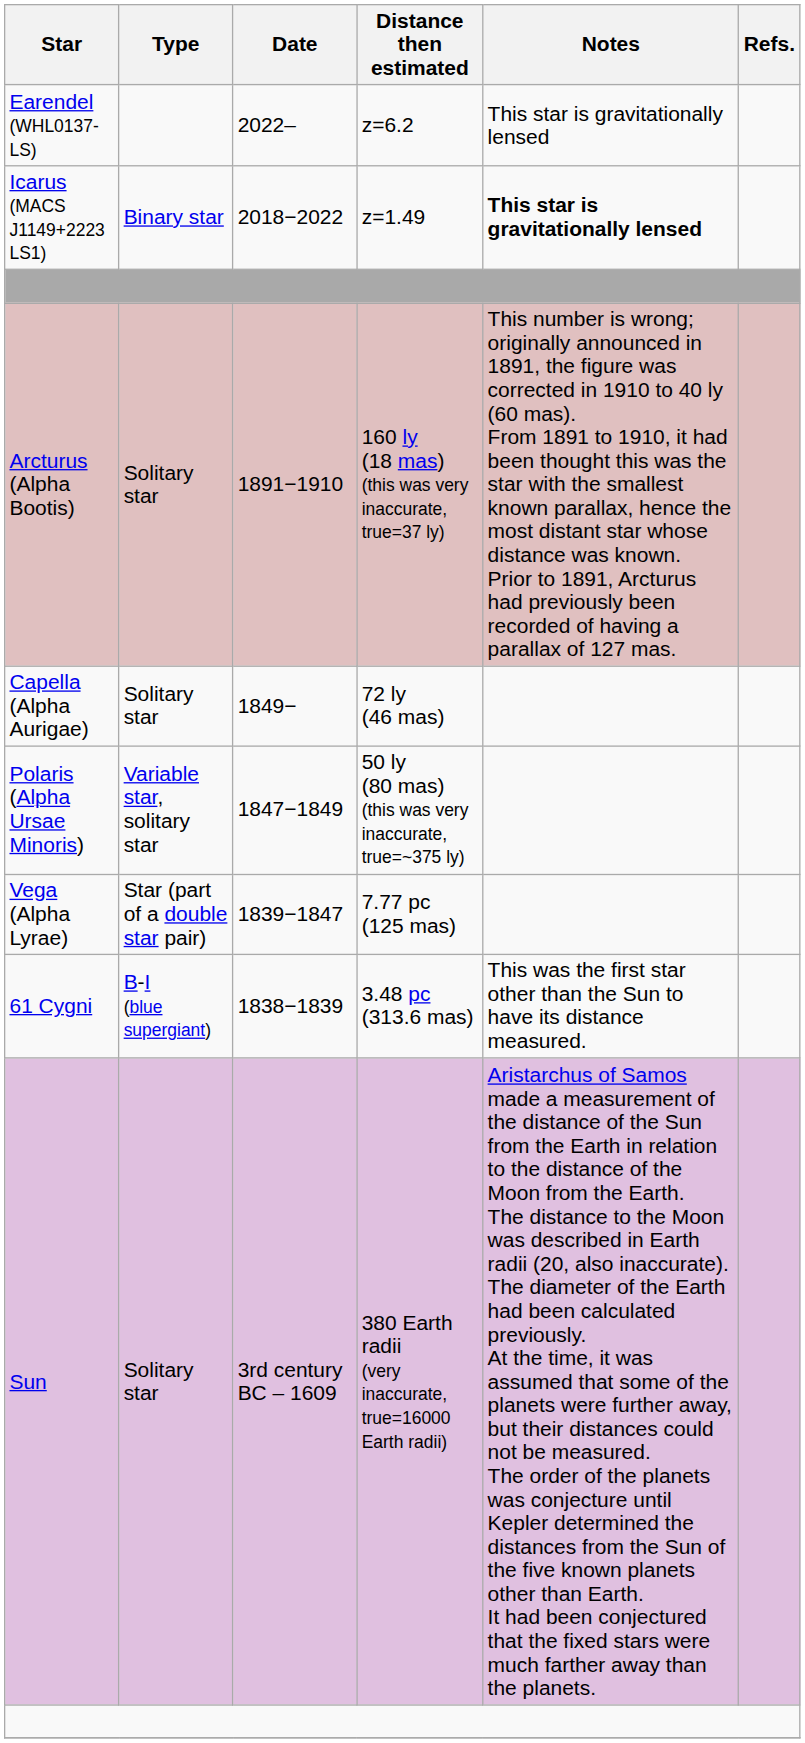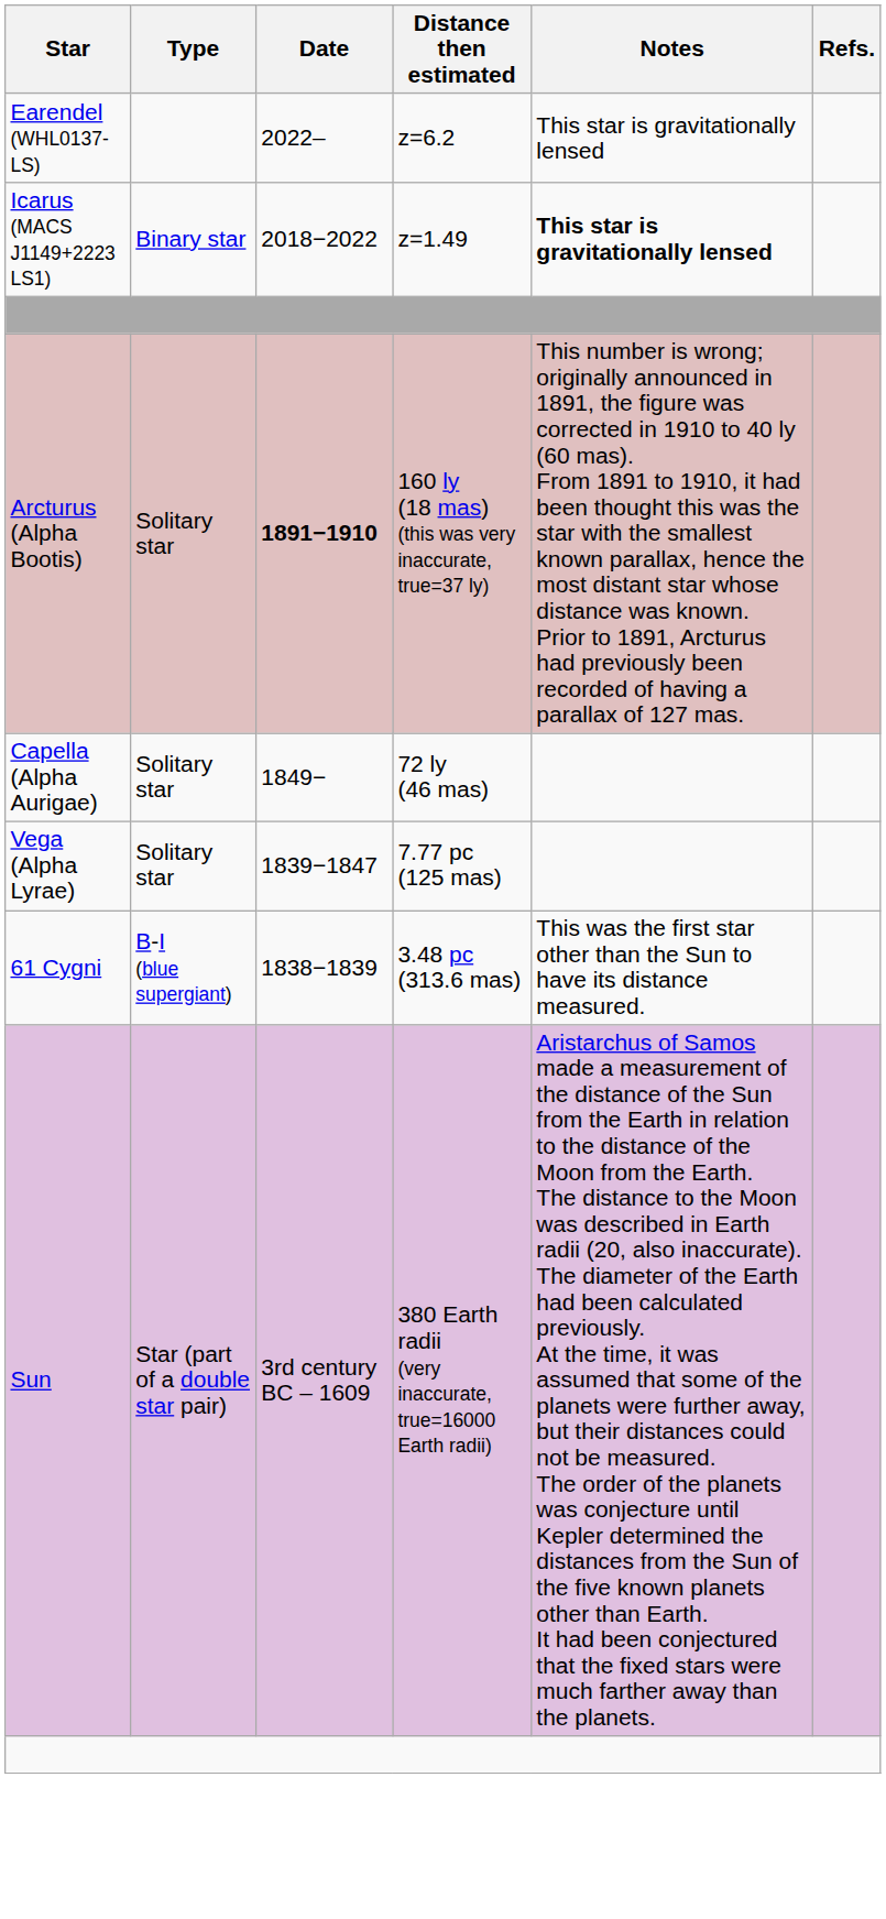 <table class="wikitable">
 <tr>
 <th>Star</th>
 <th>Type</th>
 <th>Date</th>
 <th>Distance then<br>estimated</th>
 <th>Notes</th>
 <th>Refs.</th>
 </tr>
 <tr>
 <td><a href='#'>Earendel</a> <small><br>(WHL0137-LS)</small></td>
 <td></td>
 <td>2022–</td>
 <td>z=6.2 </td>
 <td>This star is gravitationally lensed</td>
 <td></td>
 </tr>
 <tr>
 <td><a href='#'>Icarus</a> <small><br>(MACS J1149+2223 LS1)</small></td>
 <td><a href='#'>Binary star</a></td>
 <td>2018−2022</td>
 <td>z=1.49 </td>
 <td><strong>This star is gravitationally lensed</strong></td>
 <td><br></td>
 </tr>
 <tr style="background:darkgrey; font-color:white; text-align:center;">
 <td colspan=6><br></td>
 </tr>
 <tr style="background:#e0c0c0;">
 <td><a href='#'>Arcturus</a> <br> (Alpha Bootis)</td>
 <td>Solitary star</td>
-<td>1891−1910</td>
+<td><strong>1891−1910</strong></td>
 <td>160 <a href='#'>ly</a> <br> (18 <a href='#'>mas</a>) <br> <small>(this was very inaccurate, true=37 ly)</small></td>
 <td>This number is wrong; originally announced in 1891, the figure was corrected in 1910 to 40 ly (60 mas).<br>From 1891 to 1910, it had been thought this was the star with the smallest known parallax, hence the most distant star whose distance was known.<br>Prior to 1891, Arcturus had previously been recorded of having a parallax of 127 mas.</td>
 <td></td>
 </tr>
 <tr>
 <td><a href='#'>Capella</a> <br> (Alpha Aurigae)</td>
 <td>Solitary star</td>
 <td>1849− </td>
 <td>72 ly <br> (46 mas)</td>
 <td></td>
 <td></td>
 </tr>
 <tr>
-<td><a href='#'>Polaris</a> <br> (<a href='#'>Alpha Ursae Minoris</a>)</td>
-<td><a href='#'>Variable star</a>, solitary star</td>
-<td>1847−1849</td>
-<td>50 ly <br> (80 mas) <br> <small>(this was very inaccurate, true=~375 ly)</small></td>
-<td></td>
-<td></td>
-</tr>
-<tr>
 <td><a href='#'>Vega</a> <br> (Alpha Lyrae)</td>
-<td>Star (part of a <a href='#'>double star</a> pair)</td>
+<td>Solitary star</td>
 <td>1839−1847</td>
 <td>7.77 pc <br> (125 mas)</td>
 <td></td>
 <td></td>
 </tr>
 <tr>
 <td><a href='#'>61 Cygni</a></td>
 <td><a href='#'>B</a>-<a href='#'>I</a> <small><br>(<a href='#'>blue supergiant</a>)</small></td>
 <td>1838−1839</td>
 <td>3.48 <a href='#'>pc</a> <br> (313.6 mas)</td>
 <td>This was the first star other than the Sun to have its distance measured.</td>
 <td></td>
 </tr>
 <tr style="background:#e0c0e0;">
 <td><a href='#'>Sun</a></td>
-<td>Solitary star</td>
+<td>Star (part of a <a href='#'>double star</a> pair)</td>
 <td>3rd century BC – 1609</td>
 <td>380 Earth radii<br><small>(very inaccurate, true=16000 Earth radii)</small></td>
 <td><a href='#'>Aristarchus of Samos</a> made a measurement of the distance of the Sun from the Earth in relation to the distance of the Moon from the Earth.<br>The distance to the Moon was described in Earth radii (20, also inaccurate).<br>The diameter of the Earth had been calculated previously.<br>At the time, it was assumed that some of the planets were further away, but their distances could not be measured.<br>The order of the planets was conjecture until Kepler determined the distances from the Sun of the five known planets other than Earth.<br>It had been conjectured that the fixed stars were much farther away than the planets.</td>
 <td></td>
 </tr>
 <tr>
 <td colspan=6><br></td>
 </tr>
 <tr>
 </tr>
 </table>
